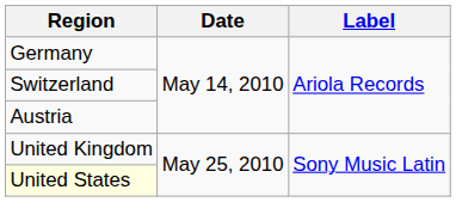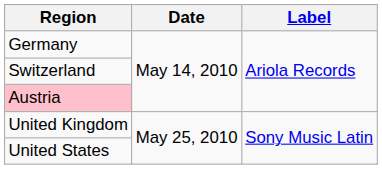 <table class="wikitable">
 <tr>
 <th>Region</th>
 <th>Date</th>
 <th><a href='#'>Label</a></th>
 </tr>
 <tr>
 <td>Germany</td>
 <td rowspan="3">May 14, 2010</td>
 <td rowspan="3"><a href='#'>Ariola Records</a></td>
 </tr>
 <tr>
 <td>Switzerland</td>
 </tr>
 <tr>
-<td>Austria</td>
+<td style="background: pink;">Austria</td>
 </tr>
 <tr>
 <td>United Kingdom</td>
 <td rowspan="2">May 25, 2010</td>
 <td rowspan="2"><a href='#'>Sony Music Latin</a></td>
 </tr>
 <tr>
-<td style="background: lightyellow;">United States</td>
+<td>United States</td>
 </tr>
 </table>
